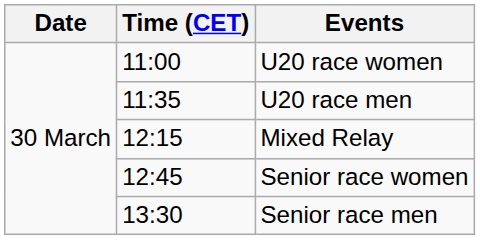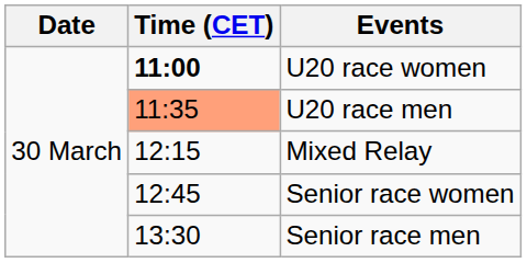 <table class="wikitable">
 <tr>
 <th>Date</th>
 <th>Time (<a href='#'>CET</a>)</th>
 <th>Events</th>
 </tr>
 <tr>
 <td rowspan=5>30 March</td>
-<td>11:00</td>
+<td><strong>11:00</strong></td>
 <td>U20 race women</td>
 </tr>
 <tr>
-<td>11:35</td>
+<td style="background: lightsalmon;">11:35</td>
 <td>U20 race men</td>
 </tr>
 <tr>
 <td>12:15</td>
 <td>Mixed Relay</td>
 </tr>
 <tr>
 <td>12:45</td>
 <td>Senior race women</td>
 </tr>
 <tr>
 <td>13:30</td>
 <td>Senior race men</td>
 </tr>
 </table>
